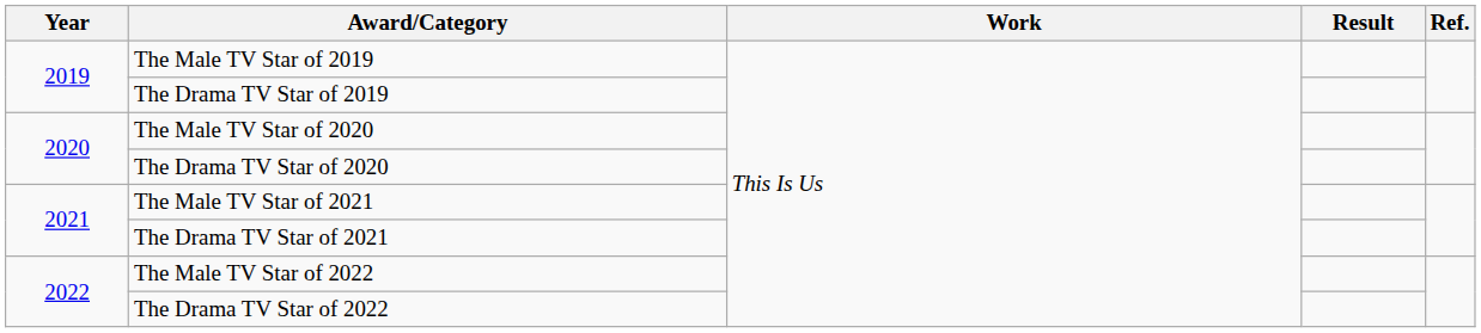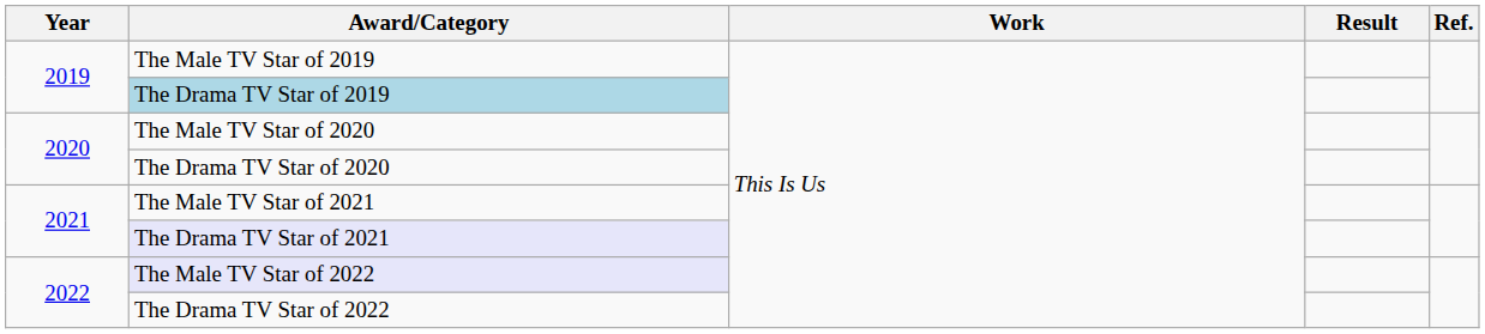 <table class=wikitable>
 <tr>
 <th scope="col" style="width:5em;">Year</th>
 <th scope="col" style="width:26em;">Award/Category</th>
 <th scope="col" style="width:25em;">Work</th>
 <th scope="col" style="width:5em;">Result</th>
 <th>Ref.</th>
 </tr>
 <tr>
 <td style="text-align:center;", rowspan=2><a href='#'>2019</a></td>
 <td>The Male TV Star of 2019</td>
 <td rowspan=8><em>This Is Us</em></td>
 <td></td>
 <td rowspan=2></td>
 </tr>
 <tr>
-<td>The Drama TV Star of 2019</td>
+<td style="background: lightblue;">The Drama TV Star of 2019</td>
 <td></td>
 </tr>
 <tr>
 <td style="text-align:center;", rowspan=2><a href='#'>2020</a></td>
 <td>The Male TV Star of 2020</td>
 <td></td>
 <td rowspan=2></td>
 </tr>
 <tr>
 <td>The Drama TV Star of 2020</td>
 <td></td>
 </tr>
 <tr>
 <td style="text-align:center;", rowspan=2><a href='#'>2021</a></td>
 <td>The Male TV Star of 2021</td>
 <td></td>
 <td rowspan=2></td>
 </tr>
 <tr>
-<td>The Drama TV Star of 2021</td>
+<td style="background: lavender;">The Drama TV Star of 2021</td>
 <td></td>
 </tr>
 <tr>
 <td style="text-align:center;", rowspan=2><a href='#'>2022</a></td>
-<td>The Male TV Star of 2022</td>
+<td style="background: lavender;">The Male TV Star of 2022</td>
 <td></td>
 <td rowspan=2></td>
 </tr>
 <tr>
 <td>The Drama TV Star of 2022</td>
 <td></td>
 </tr>
 </table>
